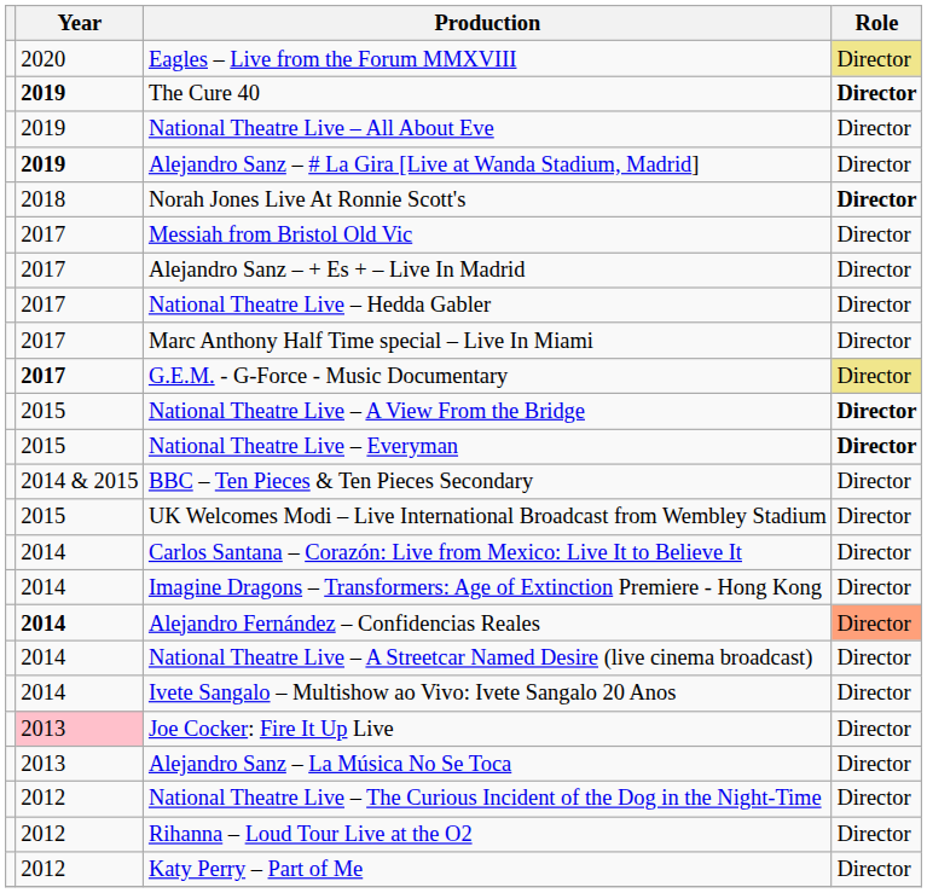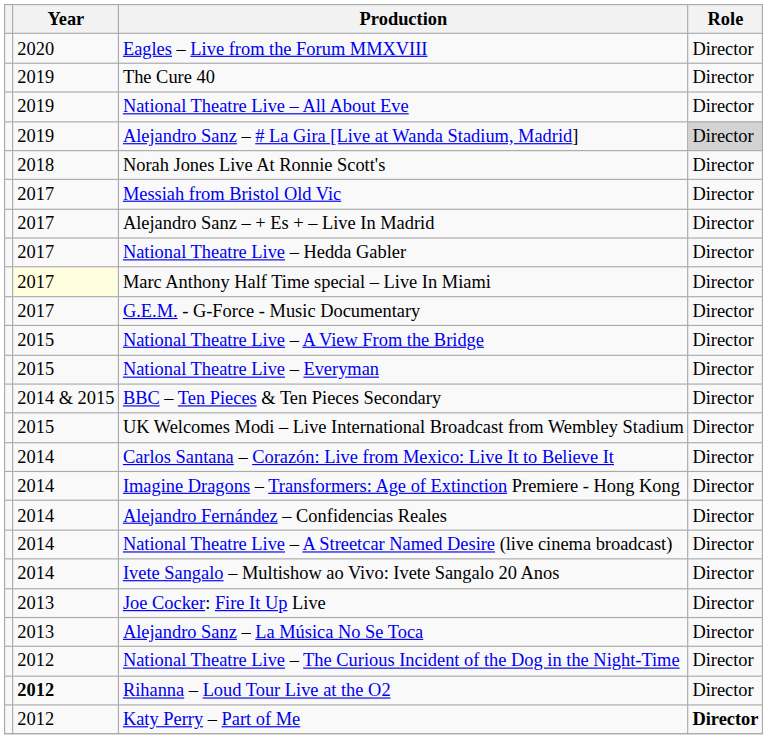 <table class="wikitable">
 <tr>
 <th></th>
 <th>Year</th>
 <th>Production</th>
 <th>Role</th>
 </tr>
 <tr>
 <td></td>
 <td>2020</td>
 <td><a href='#'>Eagles</a> – <a href='#'>Live from the Forum MMXVIII</a></td>
-<td style="background: khaki;">Director</td>
+<td>Director</td>
 </tr>
 <tr>
 <td></td>
-<td><strong>2019</strong></td>
+<td>2019</td>
 <td>The Cure 40 </td>
-<td><strong>Director</strong></td>
+<td>Director</td>
 </tr>
 <tr>
 <td></td>
 <td>2019</td>
 <td><a href='#'>National Theatre Live – All About Eve</a></td>
 <td>Director</td>
 </tr>
 <tr>
 <td></td>
-<td><strong>2019</strong></td>
+<td>2019</td>
 <td><a href='#'>Alejandro Sanz</a> – <a href='#'># La Gira [Live at Wanda Stadium, Madrid</a>]</td>
-<td>Director</td>
+<td style="background: lightgrey;">Director</td>
 </tr>
 <tr>
 <td></td>
 <td>2018</td>
 <td>Norah Jones Live At Ronnie Scott's</td>
-<td><strong>Director</strong></td>
+<td>Director</td>
 </tr>
 <tr>
 <td></td>
 <td>2017</td>
 <td><a href='#'>Messiah from Bristol Old Vic</a></td>
 <td>Director</td>
 </tr>
 <tr>
 <td></td>
 <td>2017</td>
 <td>Alejandro Sanz –   + Es +  – Live In Madrid</td>
 <td>Director</td>
 </tr>
 <tr>
 <td></td>
 <td>2017</td>
 <td><a href='#'>National Theatre Live</a> – Hedda Gabler</td>
 <td>Director</td>
 </tr>
 <tr>
 <td></td>
-<td>2017</td>
+<td style="background: lightyellow;">2017</td>
 <td>Marc Anthony Half Time special  – Live In Miami</td>
 <td>Director</td>
 </tr>
 <tr>
 <td></td>
-<td><strong>2017</strong></td>
+<td>2017</td>
 <td><a href='#'>G.E.M.</a> - G-Force - Music Documentary</td>
-<td style="background: khaki;">Director</td>
+<td>Director</td>
 </tr>
 <tr>
 <td></td>
 <td>2015</td>
 <td><a href='#'>National Theatre Live</a> – <a href='#'>A View From the Bridge</a></td>
-<td><strong>Director</strong></td>
+<td>Director</td>
 </tr>
 <tr>
 <td></td>
 <td>2015</td>
 <td><a href='#'>National Theatre Live</a> – <a href='#'>Everyman</a></td>
-<td><strong>Director</strong></td>
+<td>Director</td>
 </tr>
 <tr>
 <td></td>
 <td>2014 & 2015</td>
 <td><a href='#'>BBC</a> – <a href='#'>Ten Pieces</a> & Ten Pieces Secondary</td>
 <td>Director</td>
 </tr>
 <tr 2016 || >
 <td></td>
 <td>2015</td>
 <td>UK Welcomes Modi – Live International Broadcast from Wembley Stadium</td>
 <td>Director</td>
 </tr>
 <tr>
 <td></td>
 <td>2014</td>
 <td><a href='#'>Carlos Santana</a> – <a href='#'>Corazón: Live from Mexico: Live It to Believe It</a></td>
 <td>Director</td>
 </tr>
 <tr>
 <td></td>
 <td>2014</td>
 <td><a href='#'>Imagine Dragons</a> – <a href='#'>Transformers: Age of Extinction</a> Premiere - Hong Kong</td>
 <td>Director</td>
 </tr>
 <tr>
 <td></td>
-<td><strong>2014</strong></td>
+<td>2014</td>
 <td><a href='#'>Alejandro Fernández</a> – Confidencias Reales</td>
-<td style="background: lightsalmon;">Director</td>
+<td>Director</td>
 </tr>
 <tr>
 <td></td>
 <td>2014</td>
 <td><a href='#'>National Theatre Live</a> – <a href='#'>A Streetcar Named Desire</a> (live cinema broadcast)</td>
 <td>Director</td>
 </tr>
 <tr>
 <td></td>
 <td>2014</td>
 <td><a href='#'>Ivete Sangalo</a> – Multishow ao Vivo: Ivete Sangalo 20 Anos</td>
 <td>Director</td>
 </tr>
 <tr>
 <td></td>
-<td style="background: pink;">2013</td>
+<td>2013</td>
 <td><a href='#'>Joe Cocker</a>: <a href='#'>Fire It Up</a> Live</td>
 <td>Director</td>
 </tr>
 <tr>
 <td></td>
 <td>2013</td>
 <td><a href='#'>Alejandro Sanz</a> – <a href='#'>La Música No Se Toca</a></td>
 <td>Director</td>
 </tr>
 <tr>
 <td></td>
 <td>2012</td>
 <td><a href='#'>National Theatre Live</a> – <a href='#'>The Curious Incident of the Dog in the Night-Time</a></td>
 <td>Director</td>
 </tr>
 <tr>
 <td></td>
-<td>2012</td>
+<td><strong>2012</strong></td>
 <td><a href='#'>Rihanna</a> – <a href='#'>Loud Tour Live at the O2</a></td>
 <td>Director</td>
 </tr>
 <tr>
 <td></td>
 <td>2012</td>
 <td><a href='#'>Katy Perry</a> – <a href='#'>Part of Me</a></td>
-<td>Director</td>
+<td><strong>Director</strong></td>
 </tr>
 <tr>
 </tr>
 </table>
